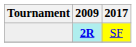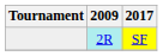 <table class="wikitable">
 <tr>
 <th>Tournament</th>
 <th>2009</th>
 <th>2017</th>
 </tr>
 <tr>
 <td style="background:#efefef;"></td>
-<td style="text-align:center; background:#afeeee;"><strong><a href='#'>2R</a></strong></td>
+<td style="text-align:center; background:#afeeee;"><a href='#'>2R</a></td>
 <td style="text-align:center; background:yellow;"><a href='#'>SF</a></td>
 </tr>
 <tr>
 </tr>
 </table>
